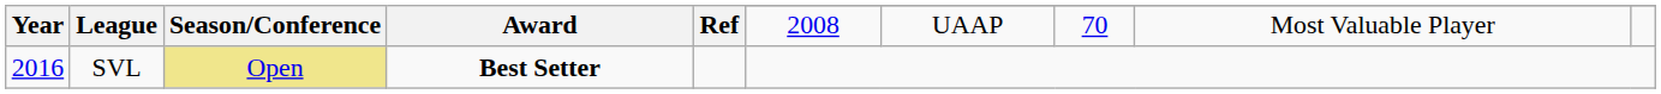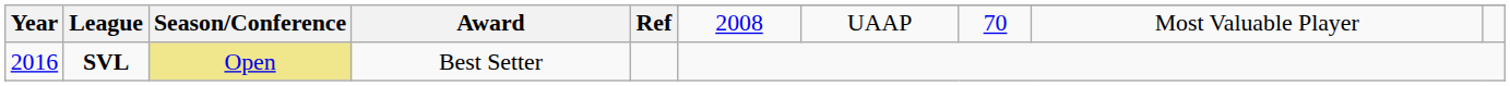 <table class="wikitable sortable" style="text-align:center" width="80%">
 <tr>
 <th style="width:5px;" rowspan="2">Year</th>
 <th style="width:25px;" rowspan="2">League</th>
 <th style="width:100px;" rowspan="2">Season/Conference</th>
 <th style="width:180px;" rowspan="2">Award</th>
 <th style="width:25px;" rowspan="2">Ref</th>
 </tr>
 <tr>
 <td><a href='#'>2008</a></td>
 <td>UAAP</td>
 <td><a href='#'>70</a></td>
 <td>Most Valuable Player</td>
 <td></td>
 </tr>
 <tr>
 <td><a href='#'>2016</a></td>
-<td>SVL</td>
+<td><strong>SVL</strong></td>
 <td style="background: khaki;"><a href='#'>Open</a></td>
-<td><strong>Best Setter</strong></td>
+<td>Best Setter</td>
 <td></td>
 </tr>
 </table>
